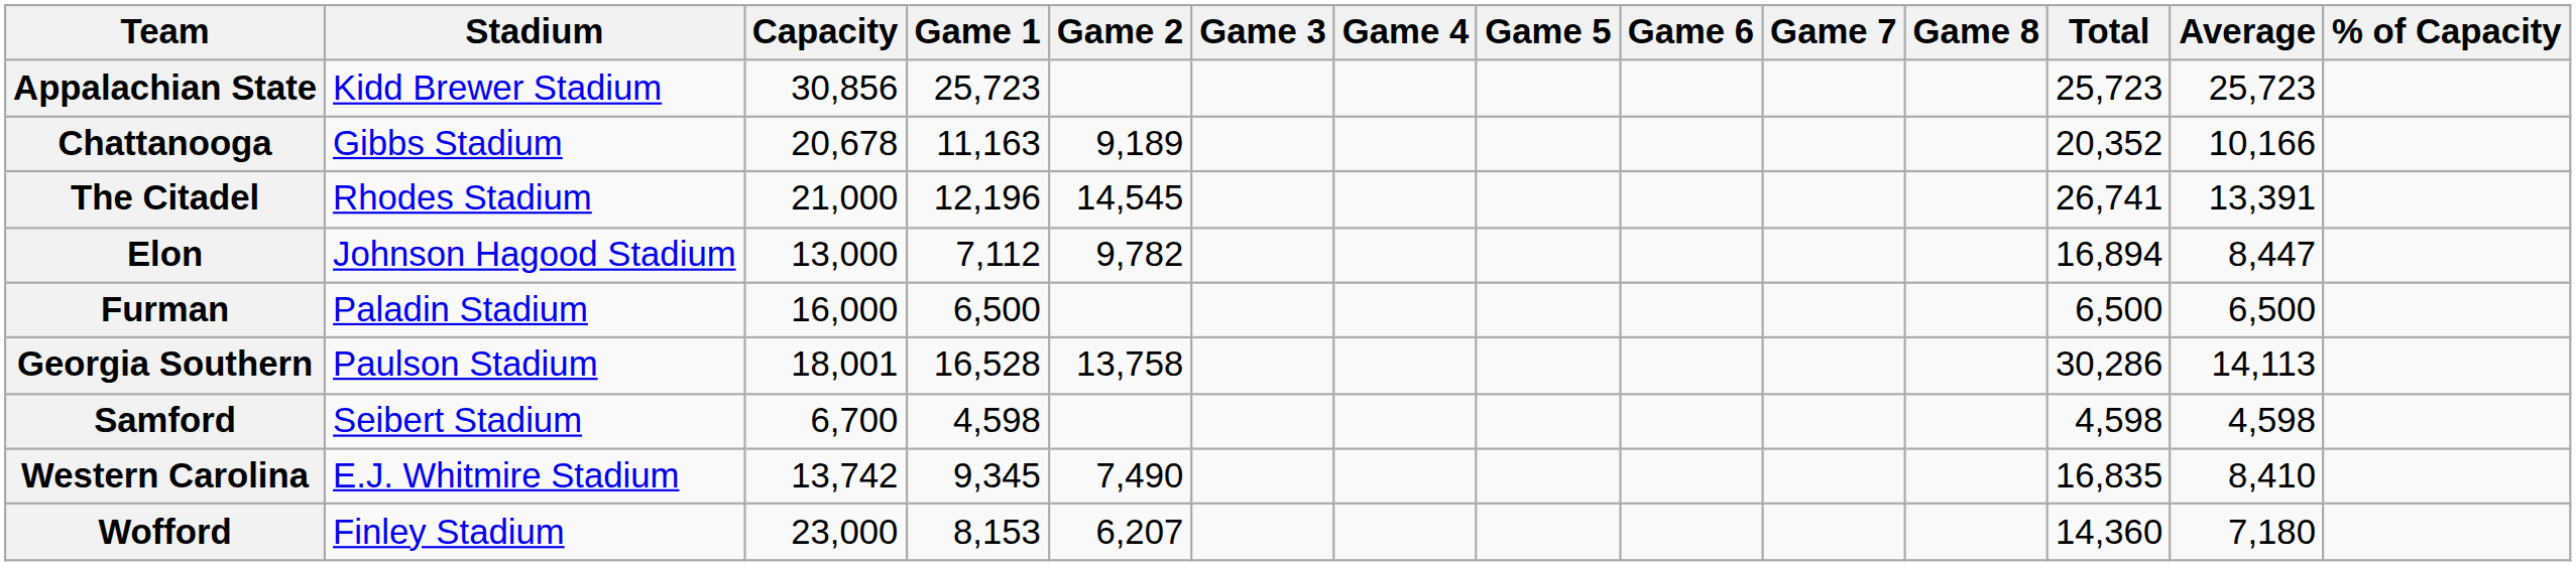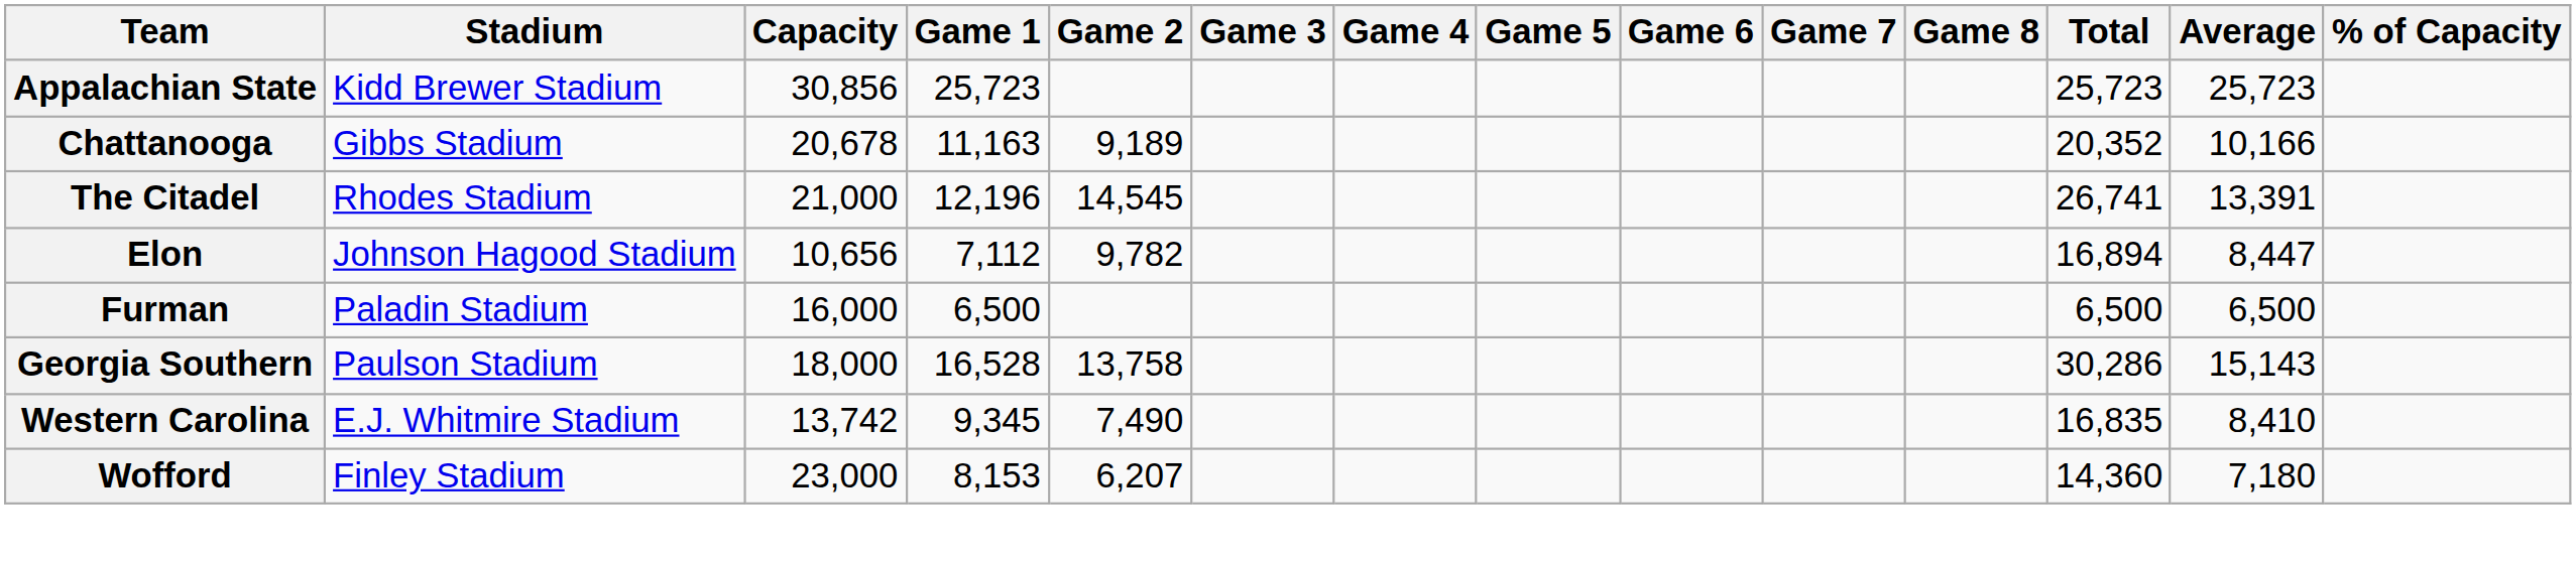 <table class="wikitable sortable">
 <tr>
 <th>Team</th>
 <th>Stadium</th>
 <th>Capacity</th>
 <th>Game 1</th>
 <th>Game 2</th>
 <th>Game 3</th>
 <th>Game 4</th>
 <th>Game 5</th>
 <th>Game 6</th>
 <th>Game 7</th>
 <th>Game 8</th>
 <th>Total</th>
 <th>Average</th>
 <th>% of Capacity</th>
 </tr>
 <tr>
 <th>Appalachian State</th>
 <td><a href='#'>Kidd Brewer Stadium</a></td>
 <td align=right>30,856</td>
 <td align=right>25,723</td>
 <td align=right></td>
 <td align=right></td>
 <td align=right></td>
 <td align=right></td>
 <td align=right></td>
 <td align=right></td>
 <td align=right></td>
 <td align=right>25,723</td>
 <td align=right>25,723</td>
 <td align=right></td>
 </tr>
 <tr>
 <th>Chattanooga</th>
 <td><a href='#'>Gibbs Stadium</a></td>
 <td align=right>20,678</td>
 <td align=right>11,163</td>
 <td align=right>9,189</td>
 <td align=right></td>
 <td align=right></td>
 <td align=right></td>
 <td align=right></td>
 <td align=right></td>
 <td align=right></td>
 <td align=right>20,352</td>
 <td align=right>10,166</td>
 <td align=right></td>
 </tr>
 <tr>
 <th>The Citadel</th>
 <td><a href='#'>Rhodes Stadium</a></td>
 <td align=right>21,000</td>
 <td align=right>12,196</td>
 <td align=right>14,545</td>
 <td align=right></td>
 <td align=right></td>
 <td align=right></td>
 <td align=right></td>
 <td align=right></td>
 <td align=right></td>
 <td align=right>26,741</td>
 <td align=right>13,391</td>
 <td align=right></td>
 </tr>
 <tr>
 <th>Elon</th>
 <td><a href='#'>Johnson Hagood Stadium</a></td>
-<td align=right>13,000</td>
+<td align=right>10,656</td>
 <td align=right>7,112</td>
 <td align=right>9,782</td>
 <td align=right></td>
 <td align=right></td>
 <td align=right></td>
 <td align=right></td>
 <td align=right></td>
 <td align=right></td>
 <td align=right>16,894</td>
 <td align=right>8,447</td>
 <td align=right></td>
 </tr>
 <tr>
 <th>Furman</th>
 <td><a href='#'>Paladin Stadium</a></td>
 <td align=right>16,000</td>
 <td align=right>6,500</td>
 <td align=right></td>
 <td align=right></td>
 <td align=right></td>
 <td align=right></td>
 <td align=right></td>
 <td align=right></td>
 <td align=right></td>
 <td align=right>6,500</td>
 <td align=right>6,500</td>
 <td align=right></td>
 </tr>
 <tr>
 <th>Georgia Southern</th>
 <td><a href='#'>Paulson Stadium</a></td>
-<td align=right>18,001</td>
+<td align=right>18,000</td>
 <td align=right>16,528</td>
 <td align=right>13,758</td>
 <td align=right></td>
 <td align=right></td>
 <td align=right></td>
 <td align=right></td>
 <td align=right></td>
 <td align=right></td>
 <td align=right>30,286</td>
-<td align=right>14,113</td>
-<td align=right></td>
-</tr>
-<tr>
-<th>Samford</th>
-<td><a href='#'>Seibert Stadium</a></td>
-<td align=right>6,700</td>
-<td align=right>4,598</td>
-<td align=right></td>
-<td align=right></td>
-<td align=right></td>
-<td align=right></td>
-<td align=right></td>
-<td align=right></td>
-<td align=right></td>
-<td align=right>4,598</td>
-<td align=right>4,598</td>
+<td align=right>15,143</td>
 <td align=right></td>
 </tr>
 <tr>
 <th>Western Carolina</th>
 <td><a href='#'>E.J. Whitmire Stadium</a></td>
 <td align=right>13,742</td>
 <td align=right>9,345</td>
 <td align=right>7,490</td>
 <td align=right></td>
 <td align=right></td>
 <td align=right></td>
 <td align=right></td>
 <td align=right></td>
 <td align=right></td>
 <td align=right>16,835</td>
 <td align=right>8,410</td>
 <td align=right></td>
 </tr>
 <tr>
 <th>Wofford</th>
 <td><a href='#'>Finley Stadium</a></td>
 <td align=right>23,000</td>
 <td align=right>8,153</td>
 <td align=right>6,207</td>
 <td align=right></td>
 <td align=right></td>
 <td align=right></td>
 <td align=right></td>
 <td align=right></td>
 <td align=right></td>
 <td align=right>14,360</td>
 <td align=right>7,180</td>
 <td align=right></td>
 </tr>
 </table>
